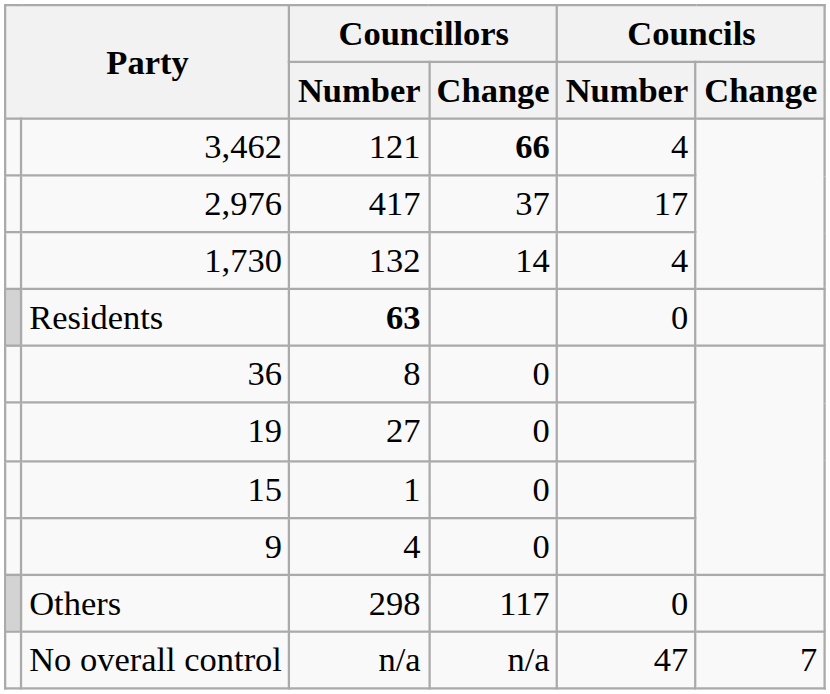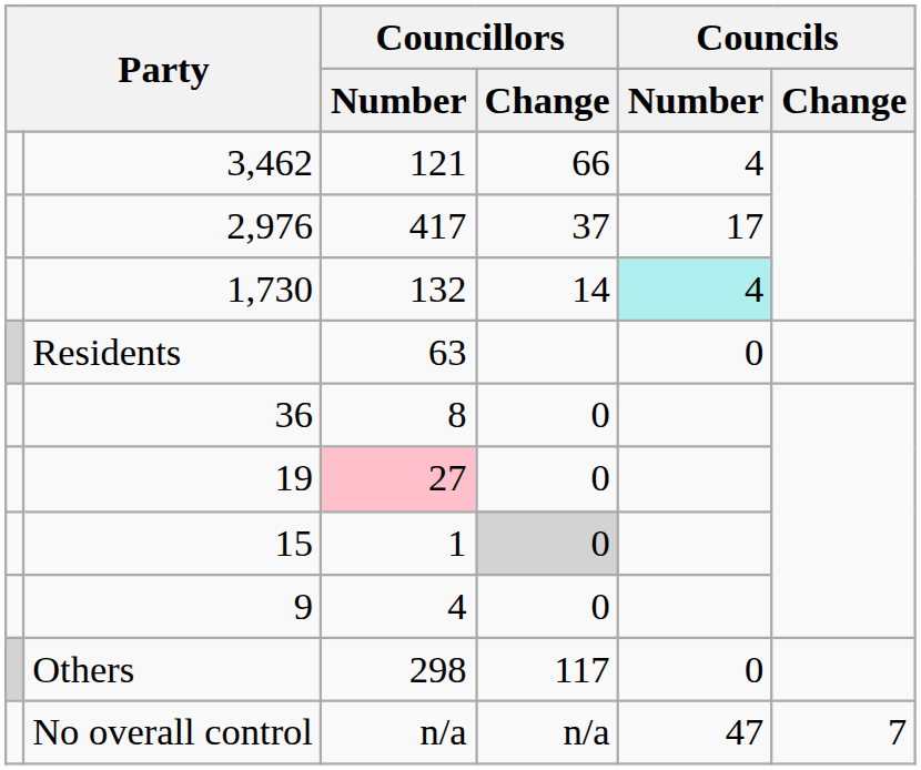 <table class="wikitable" style="text-align:right; font-size:95%;">
 <tr border="1" cellspacing="0" cellpadding="5">
 <th colspan="2" rowspan="2" align="center">Party</th>
 <th colspan="2" valign="top">Councillors</th>
 <th colspan="2" valign="top">Councils</th>
 </tr>
 <tr>
 <th valign="top">Number</th>
 <th valign="top">Change</th>
 <th valign="top">Number</th>
 <th valign="top">Change</th>
 </tr>
 <tr>
 <td></td>
 <td align="right">3,462</td>
 <td align="right">121</td>
-<td align="right"><strong>66</strong></td>
+<td align="right">66</td>
 <td align="right">4</td>
 </tr>
 <tr>
 <td></td>
 <td align="right">2,976</td>
 <td align="right">417</td>
 <td align="right">37</td>
 <td align="right">17</td>
 </tr>
 <tr>
 <td></td>
 <td align="right">1,730</td>
 <td align="right">132</td>
 <td align="right">14</td>
-<td align="right">4</td>
+<td align="right" style="background: paleturquoise;">4</td>
 </tr>
 <tr>
 <td style="color:inherit;background:#d3d3d3"></td>
 <td align="left">Residents</td>
-<td align="right"><strong>63</strong></td>
+<td align="right">63</td>
 <td align="right"></td>
 <td align="right">0</td>
 <td align="right"></td>
 </tr>
 <tr>
 <td></td>
 <td align="right">36</td>
 <td align="right">8</td>
 <td align="right">0</td>
 <td align="right"></td>
 </tr>
 <tr>
 <td></td>
 <td align="right">19</td>
-<td align="right">27</td>
+<td align="right" style="background: pink;">27</td>
 <td align="right">0</td>
 <td align="right"></td>
 </tr>
 <tr>
 <td></td>
 <td align="right">15</td>
 <td align="right">1</td>
-<td align="right">0</td>
+<td align="right" style="background: lightgrey;">0</td>
 <td align="right"></td>
 </tr>
 <tr>
 <td></td>
 <td align="right">9</td>
 <td align="right">4</td>
 <td align="right">0</td>
 <td align="right"></td>
 </tr>
 <tr>
 <td style="color:inherit;background:#d3d3d3"></td>
 <td align="left">Others</td>
 <td align="right">298</td>
 <td align="right">117</td>
 <td align="right">0</td>
 <td align="right"></td>
 </tr>
 <tr>
 <td style="color:inherit;background:"></td>
 <td align="left">No overall control</td>
 <td align="right">n/a</td>
 <td align="right">n/a</td>
 <td align="right">47</td>
 <td align="right">7</td>
 </tr>
 </table>
